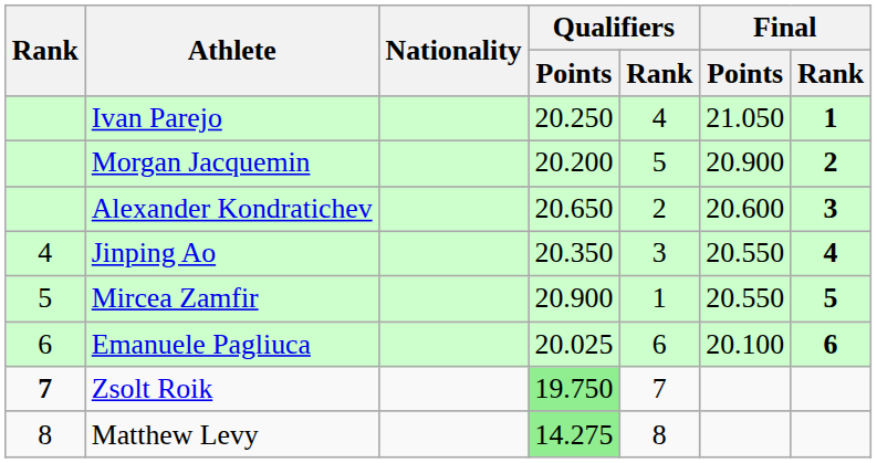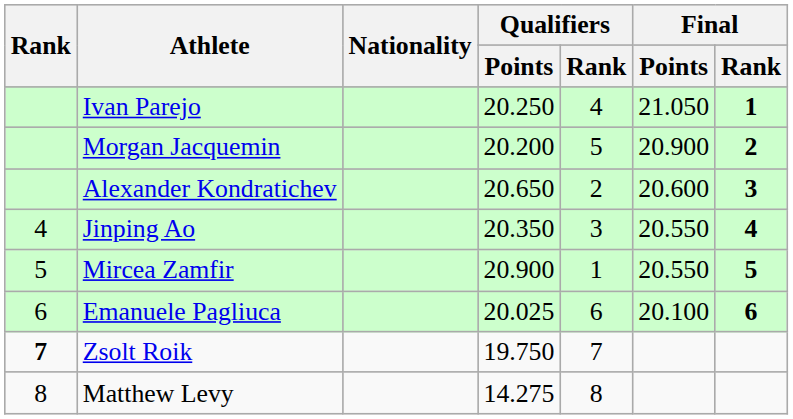 <table class="wikitable" style="text-align:center">
 <tr>
 <th rowspan="2">Rank</th>
 <th rowspan="2">Athlete</th>
 <th rowspan="2">Nationality</th>
 <th colspan="2">Qualifiers</th>
 <th colspan="2">Final</th>
 </tr>
 <tr>
 <th>Points</th>
 <th>Rank</th>
 <th>Points</th>
 <th>Rank</th>
 </tr>
 <tr bgcolor=ccffcc>
 <td></td>
 <td align=left><a href='#'>Ivan Parejo</a></td>
 <td align=left></td>
 <td>20.250</td>
 <td>4</td>
 <td>21.050</td>
 <td><strong>1</strong></td>
 </tr>
 <tr bgcolor=ccffcc>
 <td></td>
 <td align=left><a href='#'>Morgan Jacquemin</a></td>
 <td align=left></td>
 <td>20.200</td>
 <td>5</td>
 <td>20.900</td>
 <td><strong>2</strong></td>
 </tr>
 <tr bgcolor=ccffcc>
 <td></td>
 <td align=left><a href='#'>Alexander Kondratichev</a></td>
 <td align=left></td>
 <td>20.650</td>
 <td>2</td>
 <td>20.600</td>
 <td><strong>3</strong></td>
 </tr>
 <tr bgcolor=ccffcc>
 <td>4</td>
 <td align=left><a href='#'>Jinping Ao</a></td>
 <td align=left></td>
 <td>20.350</td>
 <td>3</td>
 <td>20.550</td>
 <td><strong>4</strong></td>
 </tr>
 <tr bgcolor=ccffcc>
 <td>5</td>
 <td align=left><a href='#'>Mircea Zamfir</a></td>
 <td align=left></td>
 <td>20.900</td>
 <td>1</td>
 <td>20.550</td>
 <td><strong>5</strong></td>
 </tr>
 <tr bgcolor=ccffcc>
 <td>6</td>
 <td align=left><a href='#'>Emanuele Pagliuca</a></td>
 <td align=left></td>
 <td>20.025</td>
 <td>6</td>
 <td>20.100</td>
 <td><strong>6</strong></td>
 </tr>
 <tr>
 <td><strong>7</strong></td>
 <td align=left><a href='#'>Zsolt Roik</a></td>
 <td align=left></td>
-<td style="background: lightgreen;">19.750</td>
+<td>19.750</td>
 <td>7</td>
 <td></td>
 <td></td>
 </tr>
 <tr>
 <td>8</td>
 <td align=left>Matthew Levy</td>
 <td align=left></td>
-<td style="background: lightgreen;">14.275</td>
+<td>14.275</td>
 <td>8</td>
 <td></td>
 <td></td>
 </tr>
 </table>
